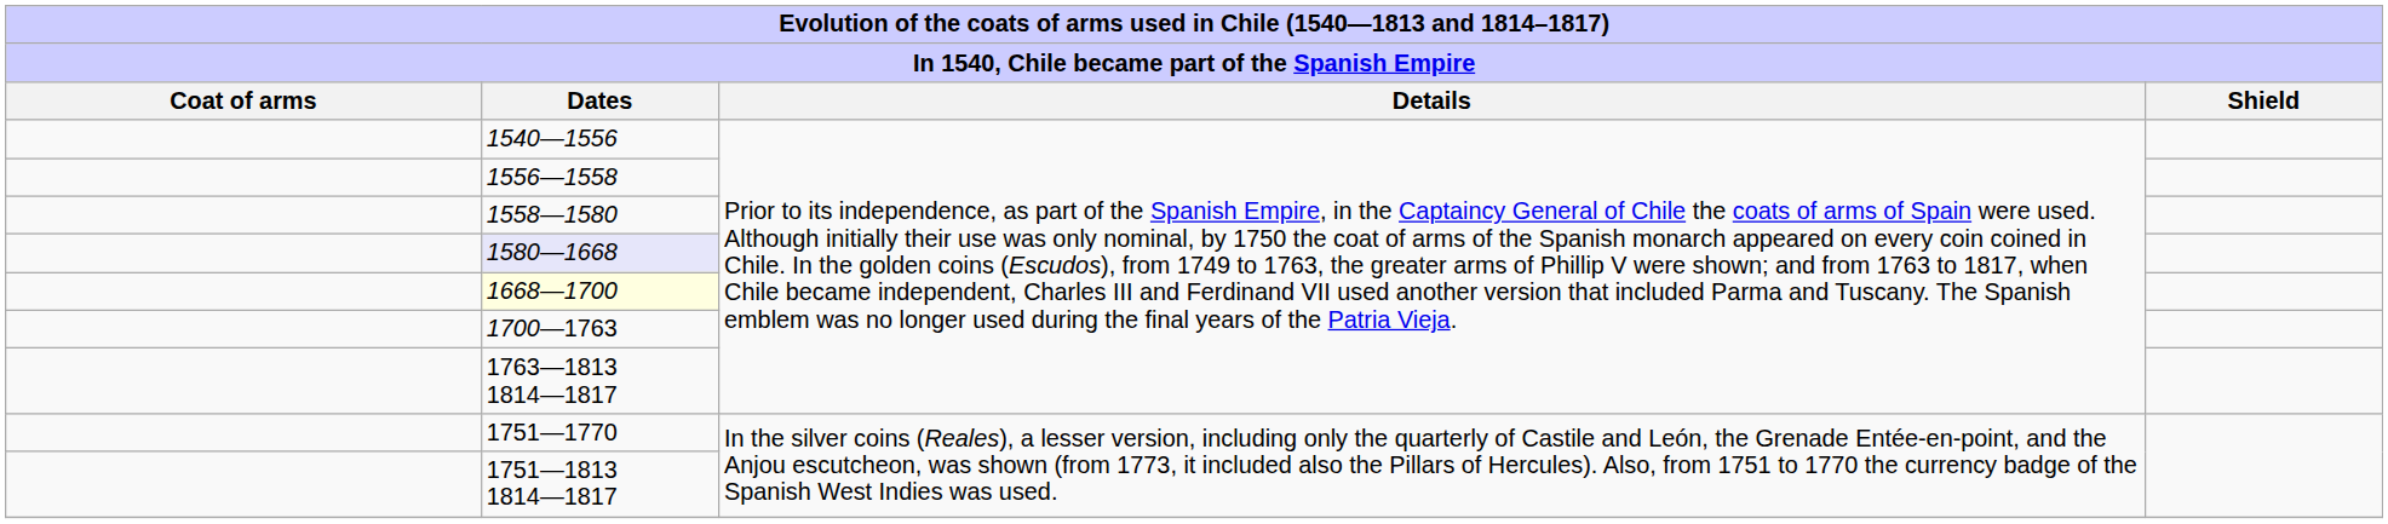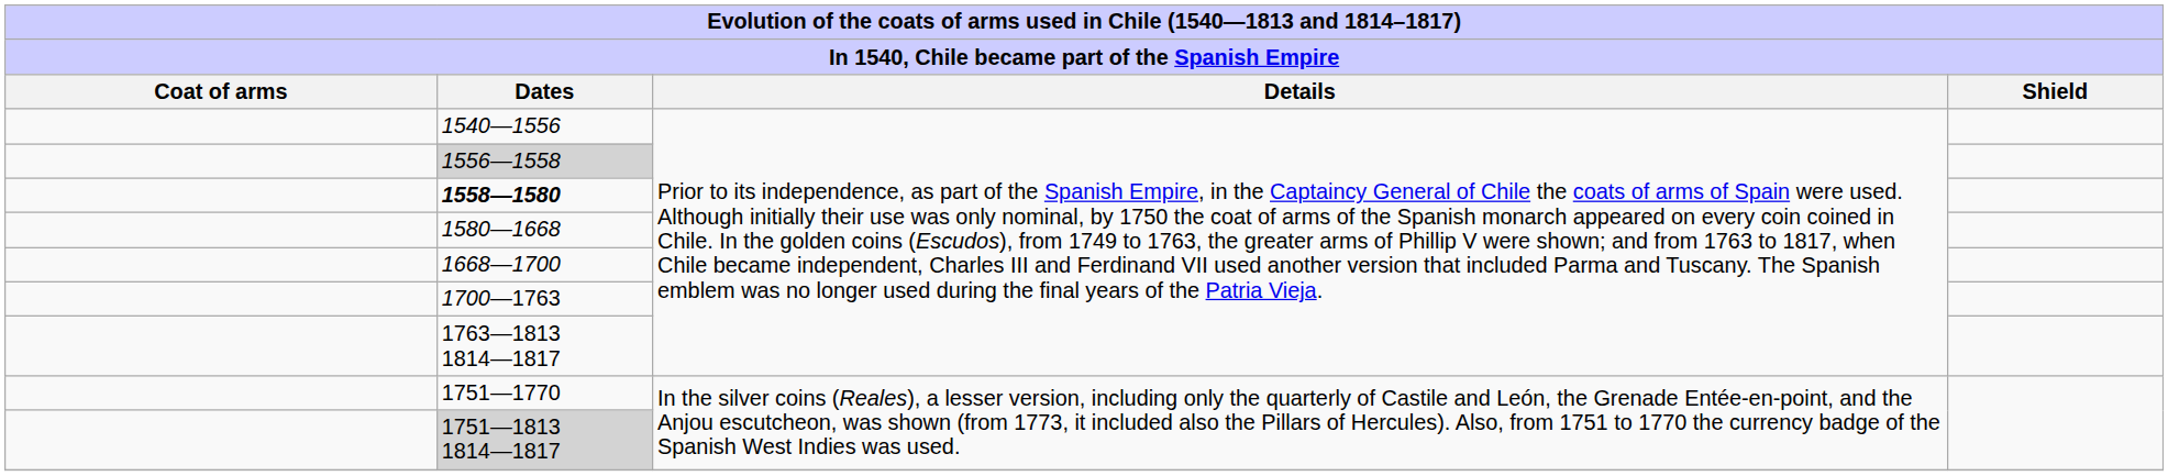 <table class="wikitable mw-collapsible autocollapse" style="width:100%;">
 <tr>
 <td colspan="4"  style="background:#ccf;text-align:center"><strong>Evolution of the coats of arms used in Chile (1540—1813 and 1814–1817)</strong></td>
 </tr>
 <tr>
 <td colspan="4"  style="background:#ccf;text-align:center"><strong>In 1540, Chile became part of the <a href='#'>Spanish Empire</a></strong></td>
 </tr>
 <tr>
 <th style="width:20%;">Coat of arms</th>
 <th style="width:10%;">Dates</th>
 <th style="width:60%;">Details</th>
 <th style="width:10%;">Shield</th>
 </tr>
 <tr>
 <td style="text-align:center"></td>
 <td><em>1540—1556</em></td>
 <td rowspan="7">Prior to its independence, as part of the <a href='#'>Spanish Empire</a>, in the <a href='#'>Captaincy General of Chile</a> the <a href='#'>coats of arms of Spain</a> were used.<br>Although initially their use was only nominal, by 1750 the coat of arms of the Spanish monarch appeared on every coin coined in Chile. In the golden coins (<em>Escudos</em>), from 1749 to 1763, the greater arms of Phillip V were shown; and from 1763 to 1817, when Chile became independent, Charles III and Ferdinand VII used another version that included Parma and Tuscany. The Spanish emblem was no longer used during the final years of the <a href='#'>Patria Vieja</a>.</td>
 <td style="text-align:center"></td>
 </tr>
 <tr>
 <td style="text-align:center"></td>
-<td><em>1556—1558</em></td>
+<td style="background: lightgrey;"><em>1556—1558</em></td>
 <td style="text-align:center"></td>
 </tr>
 <tr>
 <td style="text-align:center"></td>
-<td><em>1558—1580</em></td>
+<td><strong><em>1558—1580</em></strong></td>
 <td style="text-align:center"></td>
 </tr>
 <tr>
 <td style="text-align:center"></td>
-<td style="background: lavender;"><em>1580—1668</em></td>
+<td><em>1580—1668</em></td>
 <td style="text-align:center"></td>
 </tr>
 <tr>
 <td style="text-align:center"></td>
-<td style="background: lightyellow;"><em>1668</em>—<em>1700</em></td>
+<td><em>1668</em>—<em>1700</em></td>
 <td style="text-align:center"></td>
 </tr>
 <tr>
 <td style="text-align:center"></td>
 <td><em>1700</em>—1763</td>
 <td style="text-align:center"></td>
 </tr>
 <tr>
 <td style="text-align:center"></td>
 <td>1763—1813<br>1814—1817</td>
 <td style="text-align:center"></td>
 </tr>
 <tr>
 <td style="text-align:center"></td>
 <td>1751—1770</td>
 <td rowspan="2">In the silver coins (<em>Reales</em>), a lesser version, including only the quarterly of Castile and León, the Grenade Entée-en-point, and the Anjou escutcheon, was shown (from 1773, it included also the Pillars of Hercules). Also, from 1751 to 1770 the currency badge of the Spanish West Indies was used.</td>
 <td rowspan="2" style="text-align:center"></td>
 </tr>
 <tr>
 <td style="text-align:center"></td>
-<td>1751—1813<br>1814—1817</td>
+<td style="background: lightgrey;">1751—1813<br>1814—1817</td>
 </tr>
 <tr>
 </tr>
 </table>
